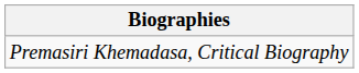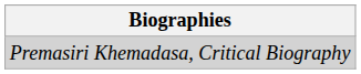 <table class="wikitable" border="1">
 <tr>
 <th>Biographies</th>
 </tr>
 <tr>
-<td><em>Premasiri Khemadasa, Critical Biography</em></td>
+<td style="background: lightgrey;"><em>Premasiri Khemadasa, Critical Biography</em></td>
 </tr>
 </table>
